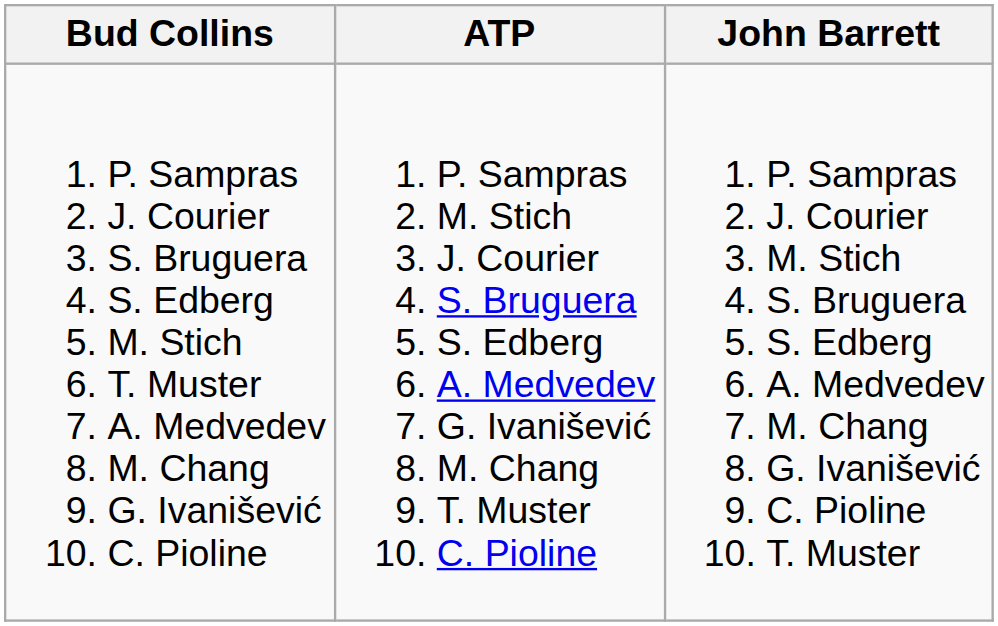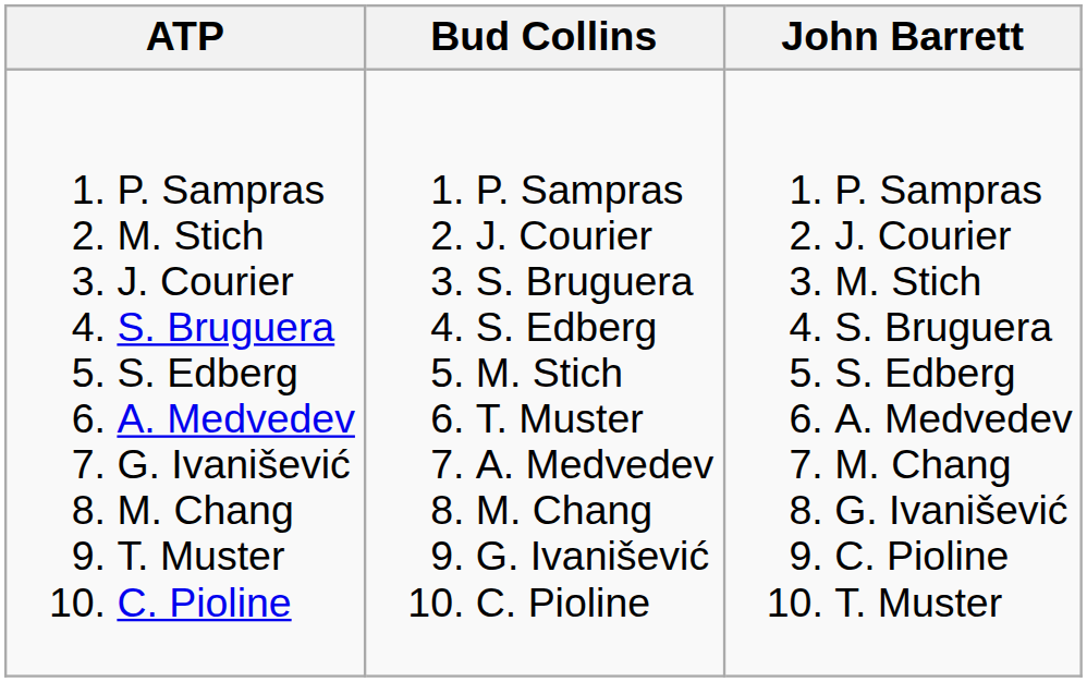 <table class="wikitable">
 <tr>
+<th>ATP</th>
 <th>Bud Collins</th>
-<th>ATP</th>
 <th>John Barrett</th>
 </tr>
 <tr style="vertical-align: top;">
+<td style="white-space: nowrap;"><br><ol><li> P. Sampras</li><li> M. Stich</li><li> J. Courier</li><li> <a href='#'>S. Bruguera</a></li><li> S. Edberg</li><li> <a href='#'>A. Medvedev</a></li><li> G. Ivanišević</li><li> M. Chang</li><li> T. Muster</li><li> <a href='#'>C. Pioline</a></li></ol></td>
 <td style="white-space: nowrap;"><br><ol><li> P. Sampras</li><li> J. Courier</li><li> S. Bruguera</li><li> S. Edberg</li><li> M. Stich</li><li> T. Muster</li><li> A. Medvedev</li><li> M. Chang</li><li> G. Ivanišević</li><li> C. Pioline</li></ol></td>
-<td style="white-space: nowrap;"><br><ol><li> P. Sampras</li><li> M. Stich</li><li> J. Courier</li><li> <a href='#'>S. Bruguera</a></li><li> S. Edberg</li><li> <a href='#'>A. Medvedev</a></li><li> G. Ivanišević</li><li> M. Chang</li><li> T. Muster</li><li> <a href='#'>C. Pioline</a></li></ol></td>
 <td style="white-space: nowrap;"><br><ol><li> P. Sampras</li><li> J. Courier</li><li> M. Stich</li><li> S. Bruguera</li><li> S. Edberg</li><li> A. Medvedev</li><li> M. Chang</li><li> G. Ivanišević</li><li> C. Pioline</li><li> T. Muster</li></ol></td>
 </tr>
 </table>
